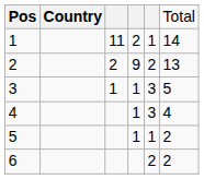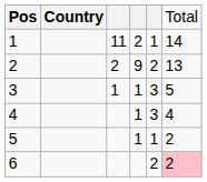 <table class="wikitable">
 <tr>
 <th>Pos</th>
 <th>Country</th>
 <th bgcolor="gold"></th>
 <th bgcolor="silver"></th>
 <th bgcolor="CC9966"></th>
 <td>Total</td>
 </tr>
 <tr>
 <td>1</td>
 <td></td>
 <td>11</td>
 <td>2</td>
 <td>1</td>
 <td>14</td>
 </tr>
 <tr>
 <td>2</td>
 <td></td>
 <td>2</td>
 <td>9</td>
 <td>2</td>
 <td>13</td>
 </tr>
 <tr>
 <td>3</td>
 <td></td>
 <td>1</td>
 <td>1</td>
 <td>3</td>
 <td>5</td>
 </tr>
 <tr>
 <td>4</td>
 <td></td>
 <td></td>
 <td>1</td>
 <td>3</td>
 <td>4</td>
 </tr>
 <tr>
 <td>5</td>
 <td></td>
 <td></td>
 <td>1</td>
 <td>1</td>
 <td>2</td>
 </tr>
 <tr>
 <td>6</td>
 <td></td>
 <td></td>
 <td></td>
 <td>2</td>
-<td>2</td>
+<td style="background: pink;">2</td>
 </tr>
 </table>
